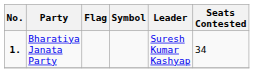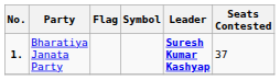 <table class="wikitable"  " width="50%">
 <tr>
 <th>No.</th>
 <th>Party</th>
 <th>Flag</th>
 <th>Symbol</th>
 <th>Leader</th>
 <th>Seats Contested</th>
 </tr>
 <tr>
 <td ! style="text-align:center; background:"><strong>1.</strong></td>
 <td><a href='#'>Bharatiya Janata Party</a></td>
 <td></td>
 <td></td>
-<td><a href='#'>Suresh Kumar Kashyap</a></td>
-<td>34</td>
+<td><strong><a href='#'>Suresh Kumar Kashyap</a></strong></td>
+<td>37</td>
 </tr>
 <tr>
 </tr>
 </table>
